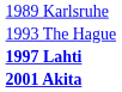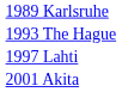 <table>
 <tr>
 <td><a href='#'>1989 Karlsruhe</a></td>
 <td></td>
 <td></td>
 <td></td>
 </tr>
 <tr>
 <td><a href='#'>1993 The Hague</a></td>
 <td></td>
 <td></td>
 <td></td>
 </tr>
 <tr>
-<td><strong><a href='#'>1997 Lahti</a></strong></td>
+<td><a href='#'>1997 Lahti</a></td>
 <td></td>
 <td></td>
 <td></td>
 </tr>
 <tr>
-<td><strong><a href='#'>2001 Akita</a></strong></td>
+<td><a href='#'>2001 Akita</a></td>
 <td></td>
 <td></td>
 <td></td>
 </tr>
 </table>
